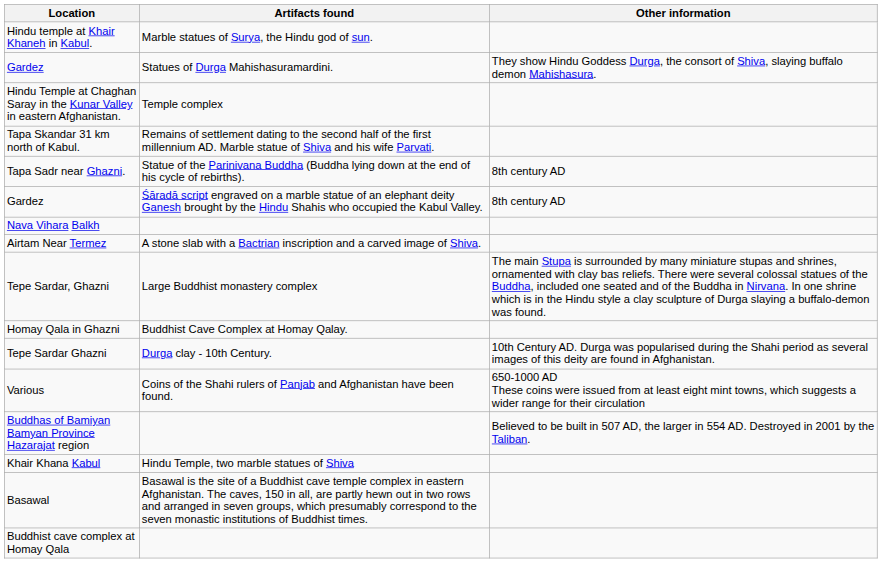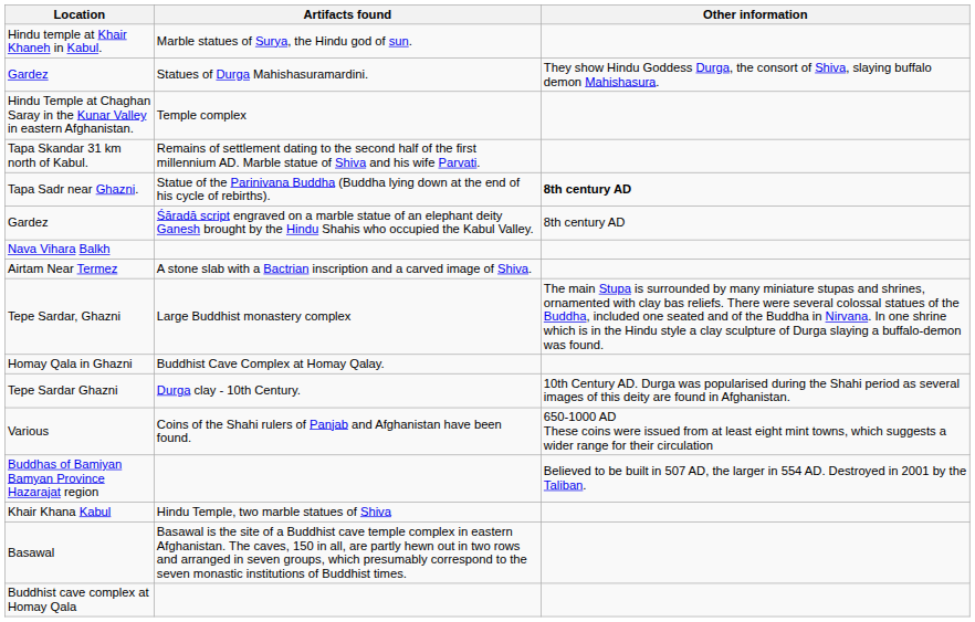 <table class="wikitable">
 <tr>
 <th>Location</th>
 <th>Artifacts found</th>
 <th>Other information</th>
 </tr>
 <tr>
 <td>Hindu temple at <a href='#'>Khair Khaneh</a> in <a href='#'>Kabul</a>.</td>
 <td>Marble statues of <a href='#'>Surya</a>, the Hindu god of <a href='#'>sun</a>.</td>
 <td></td>
 </tr>
 <tr>
 <td><a href='#'>Gardez</a></td>
 <td>Statues of <a href='#'>Durga</a> Mahishasuramardini.</td>
 <td>They show Hindu Goddess <a href='#'>Durga</a>, the consort of <a href='#'>Shiva</a>, slaying buffalo demon <a href='#'>Mahishasura</a>.</td>
 </tr>
 <tr>
 <td>Hindu Temple at Chaghan Saray in the <a href='#'>Kunar Valley</a> in eastern Afghanistan.</td>
 <td>Temple complex</td>
 <td></td>
 </tr>
 <tr>
 <td>Tapa Skandar 31 km north of Kabul.</td>
 <td>Remains of settlement dating to the second half of the first millennium AD. Marble statue of <a href='#'>Shiva</a> and his wife <a href='#'>Parvati</a>.</td>
 <td></td>
 </tr>
 <tr>
 <td>Tapa Sadr near <a href='#'>Ghazni</a>.</td>
 <td>Statue of the <a href='#'>Parinivana Buddha</a> (Buddha lying down at the end of his cycle of rebirths).</td>
-<td>8th century AD</td>
+<td><strong>8th century AD</strong></td>
 </tr>
 <tr>
 <td>Gardez</td>
 <td><a href='#'>Śāradā script</a> engraved on a marble statue of an elephant deity <a href='#'>Ganesh</a> brought by the <a href='#'>Hindu</a> Shahis who occupied the Kabul Valley.</td>
 <td>8th century AD</td>
 </tr>
 <tr>
 <td><a href='#'>Nava Vihara</a> <a href='#'>Balkh</a></td>
 <td></td>
 <td></td>
 </tr>
 <tr>
 <td>Airtam Near <a href='#'>Termez</a></td>
 <td>A stone slab with a <a href='#'>Bactrian</a> inscription and a carved image of <a href='#'>Shiva</a>.</td>
 <td></td>
 </tr>
 <tr>
 <td>Tepe Sardar, Ghazni</td>
 <td>Large Buddhist monastery complex</td>
 <td>The main <a href='#'>Stupa</a> is surrounded by many miniature stupas and shrines, ornamented with clay bas reliefs. There were several colossal statues of the <a href='#'>Buddha</a>, included one seated and of the Buddha in <a href='#'>Nirvana</a>. In one shrine which is in the Hindu style a clay sculpture of Durga slaying a buffalo-demon was found.</td>
 </tr>
 <tr>
 <td>Homay Qala in Ghazni</td>
 <td>Buddhist Cave Complex at Homay Qalay.</td>
 <td></td>
 </tr>
 <tr>
 <td>Tepe Sardar Ghazni</td>
 <td><a href='#'>Durga</a> clay - 10th Century.</td>
 <td>10th Century AD. Durga was popularised during the Shahi period as several images of this deity are found in Afghanistan.</td>
 </tr>
 <tr>
 <td>Various</td>
 <td>Coins of the Shahi rulers of <a href='#'>Panjab</a> and Afghanistan have been found.</td>
 <td>650-1000 AD<br> These coins were issued from at least eight mint towns, which suggests a wider range for their circulation</td>
 </tr>
 <tr>
 <td><a href='#'>Buddhas of Bamiyan</a> <a href='#'>Bamyan Province</a><br><a href='#'>Hazarajat</a> region</td>
 <td></td>
 <td>Believed to be built in 507 AD, the larger in 554 AD. Destroyed in 2001 by the <a href='#'>Taliban</a>.</td>
 </tr>
 <tr>
 <td>Khair Khana <a href='#'>Kabul</a></td>
 <td>Hindu Temple, two marble statues of <a href='#'>Shiva</a></td>
 <td></td>
 </tr>
 <tr>
 <td>Basawal</td>
 <td>Basawal is the site of a Buddhist cave temple complex in eastern Afghanistan. The caves, 150 in all, are partly hewn out in two rows and arranged in seven groups, which presumably correspond to the seven monastic institutions of Buddhist times.</td>
 <td></td>
 </tr>
 <tr>
 <td>Buddhist cave complex at Homay Qala</td>
 <td></td>
 <td></td>
 </tr>
 </table>
